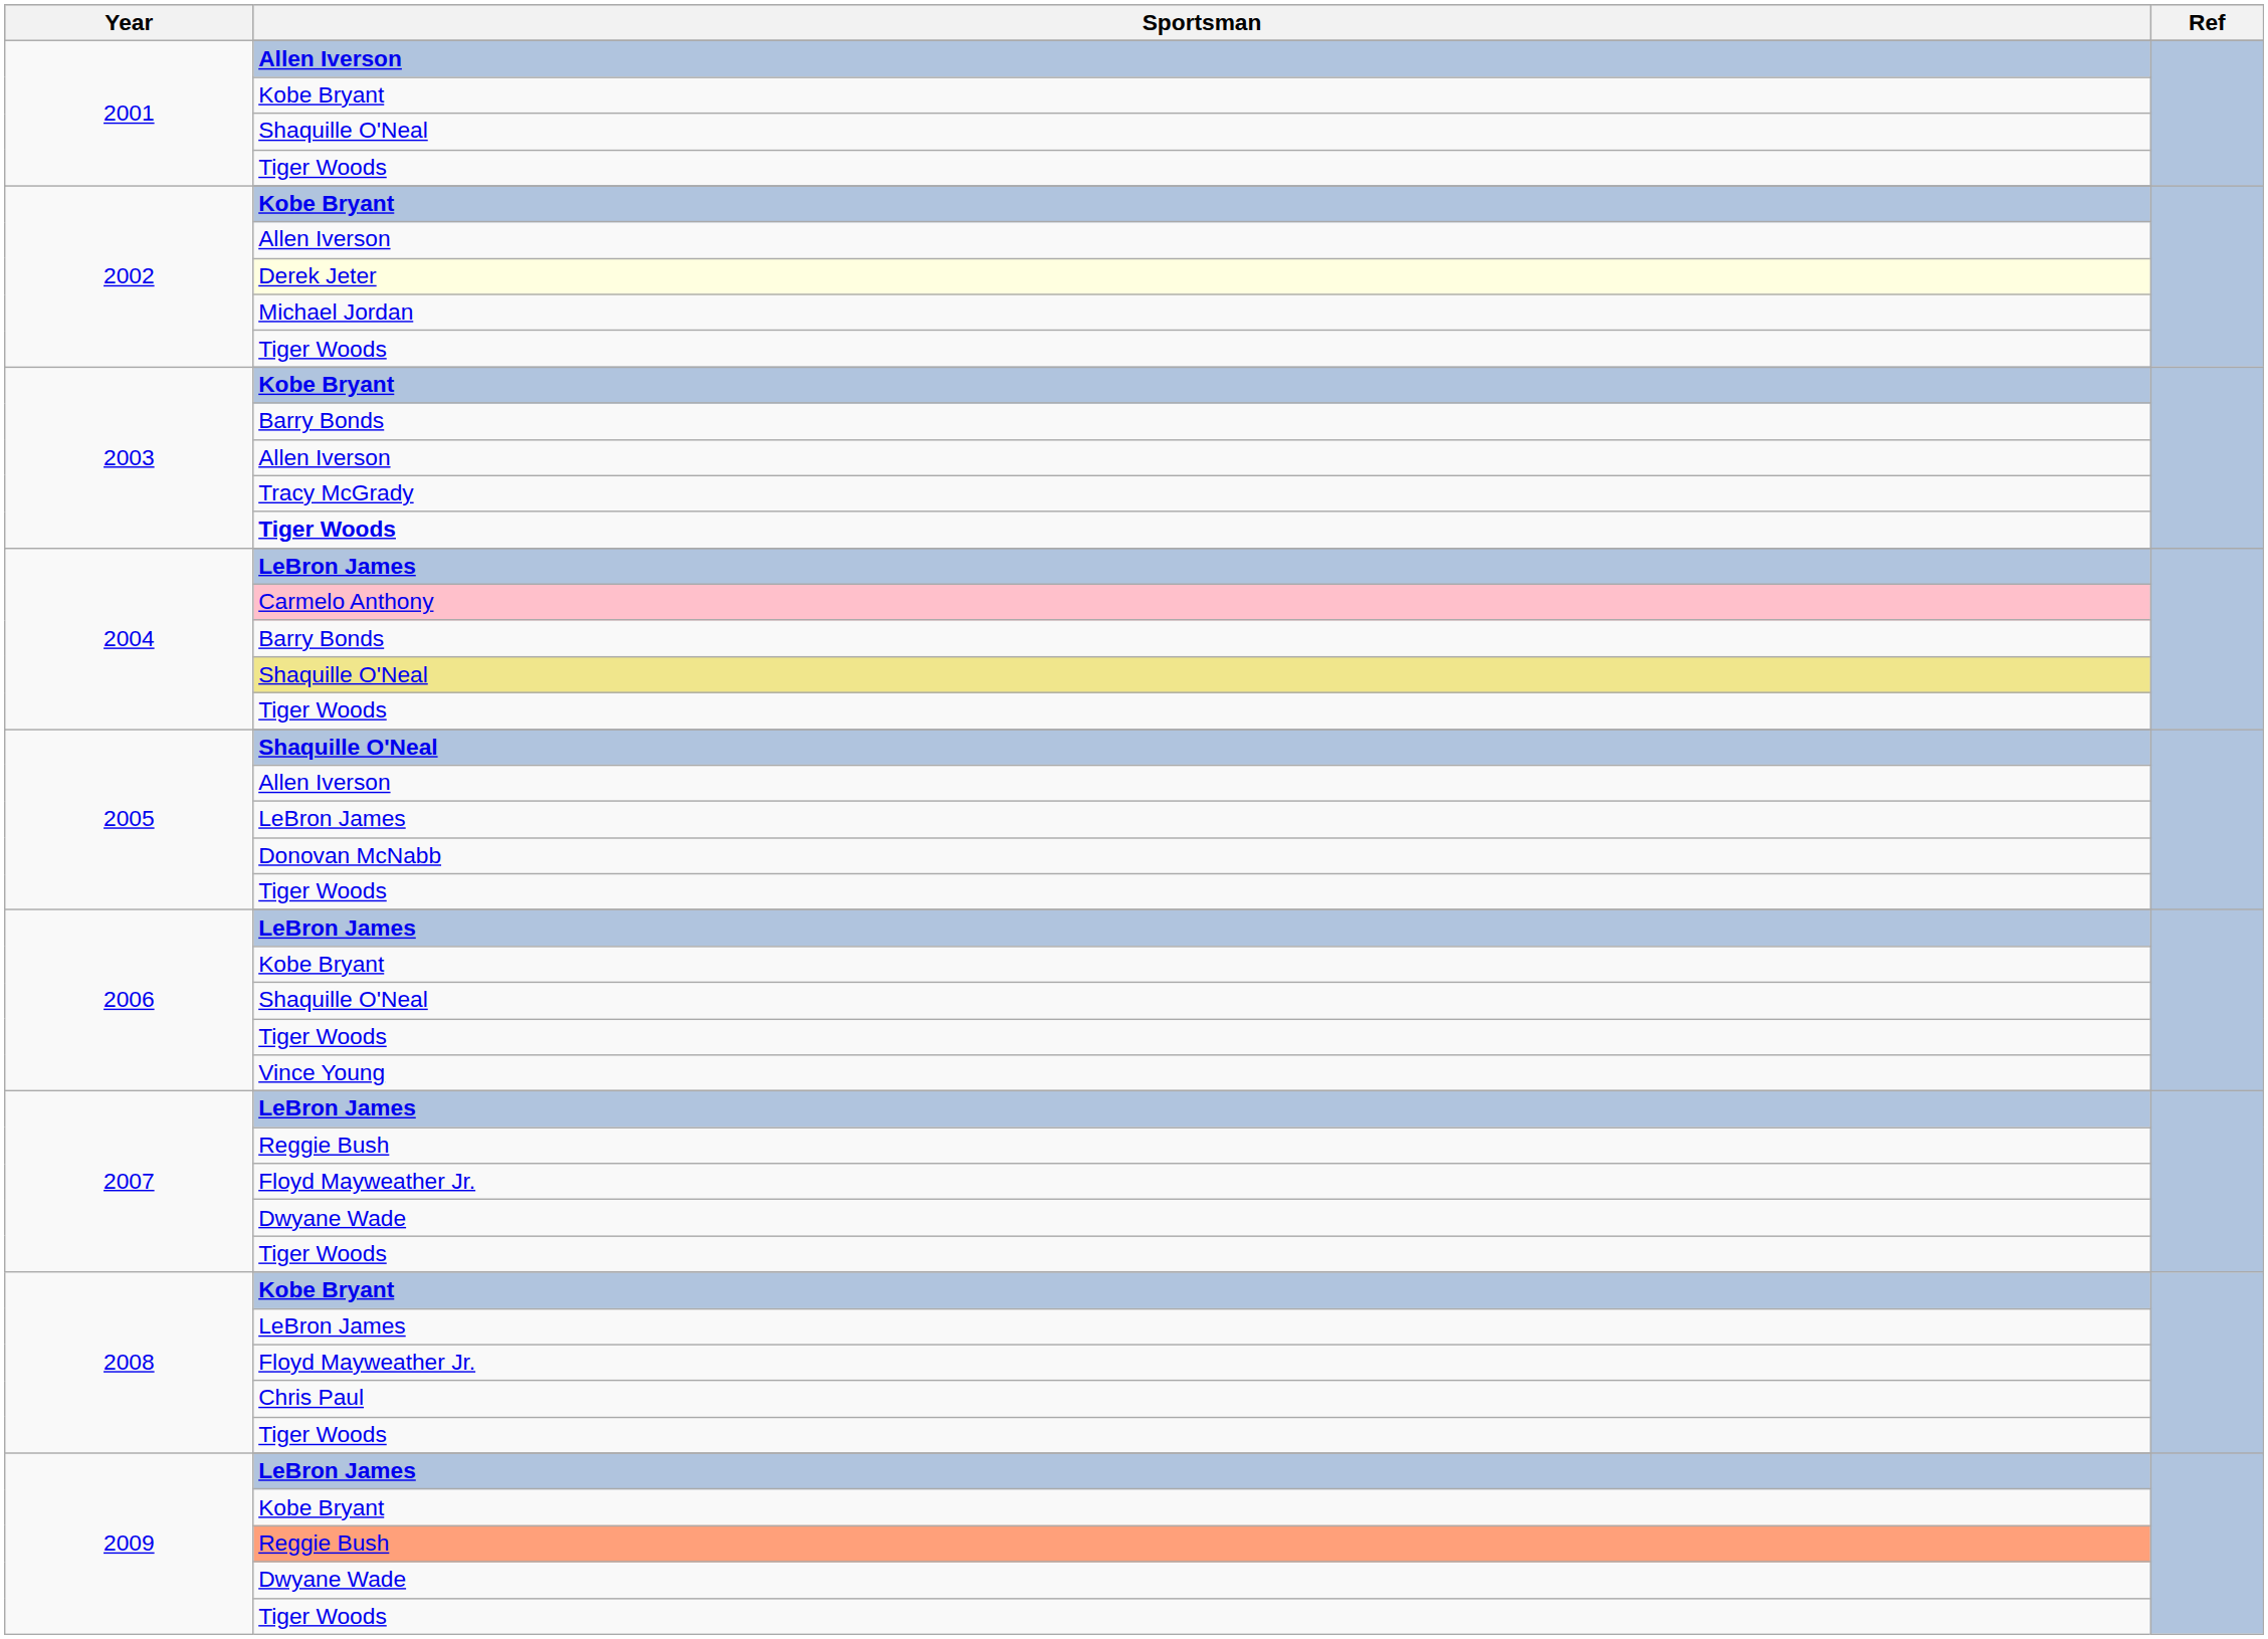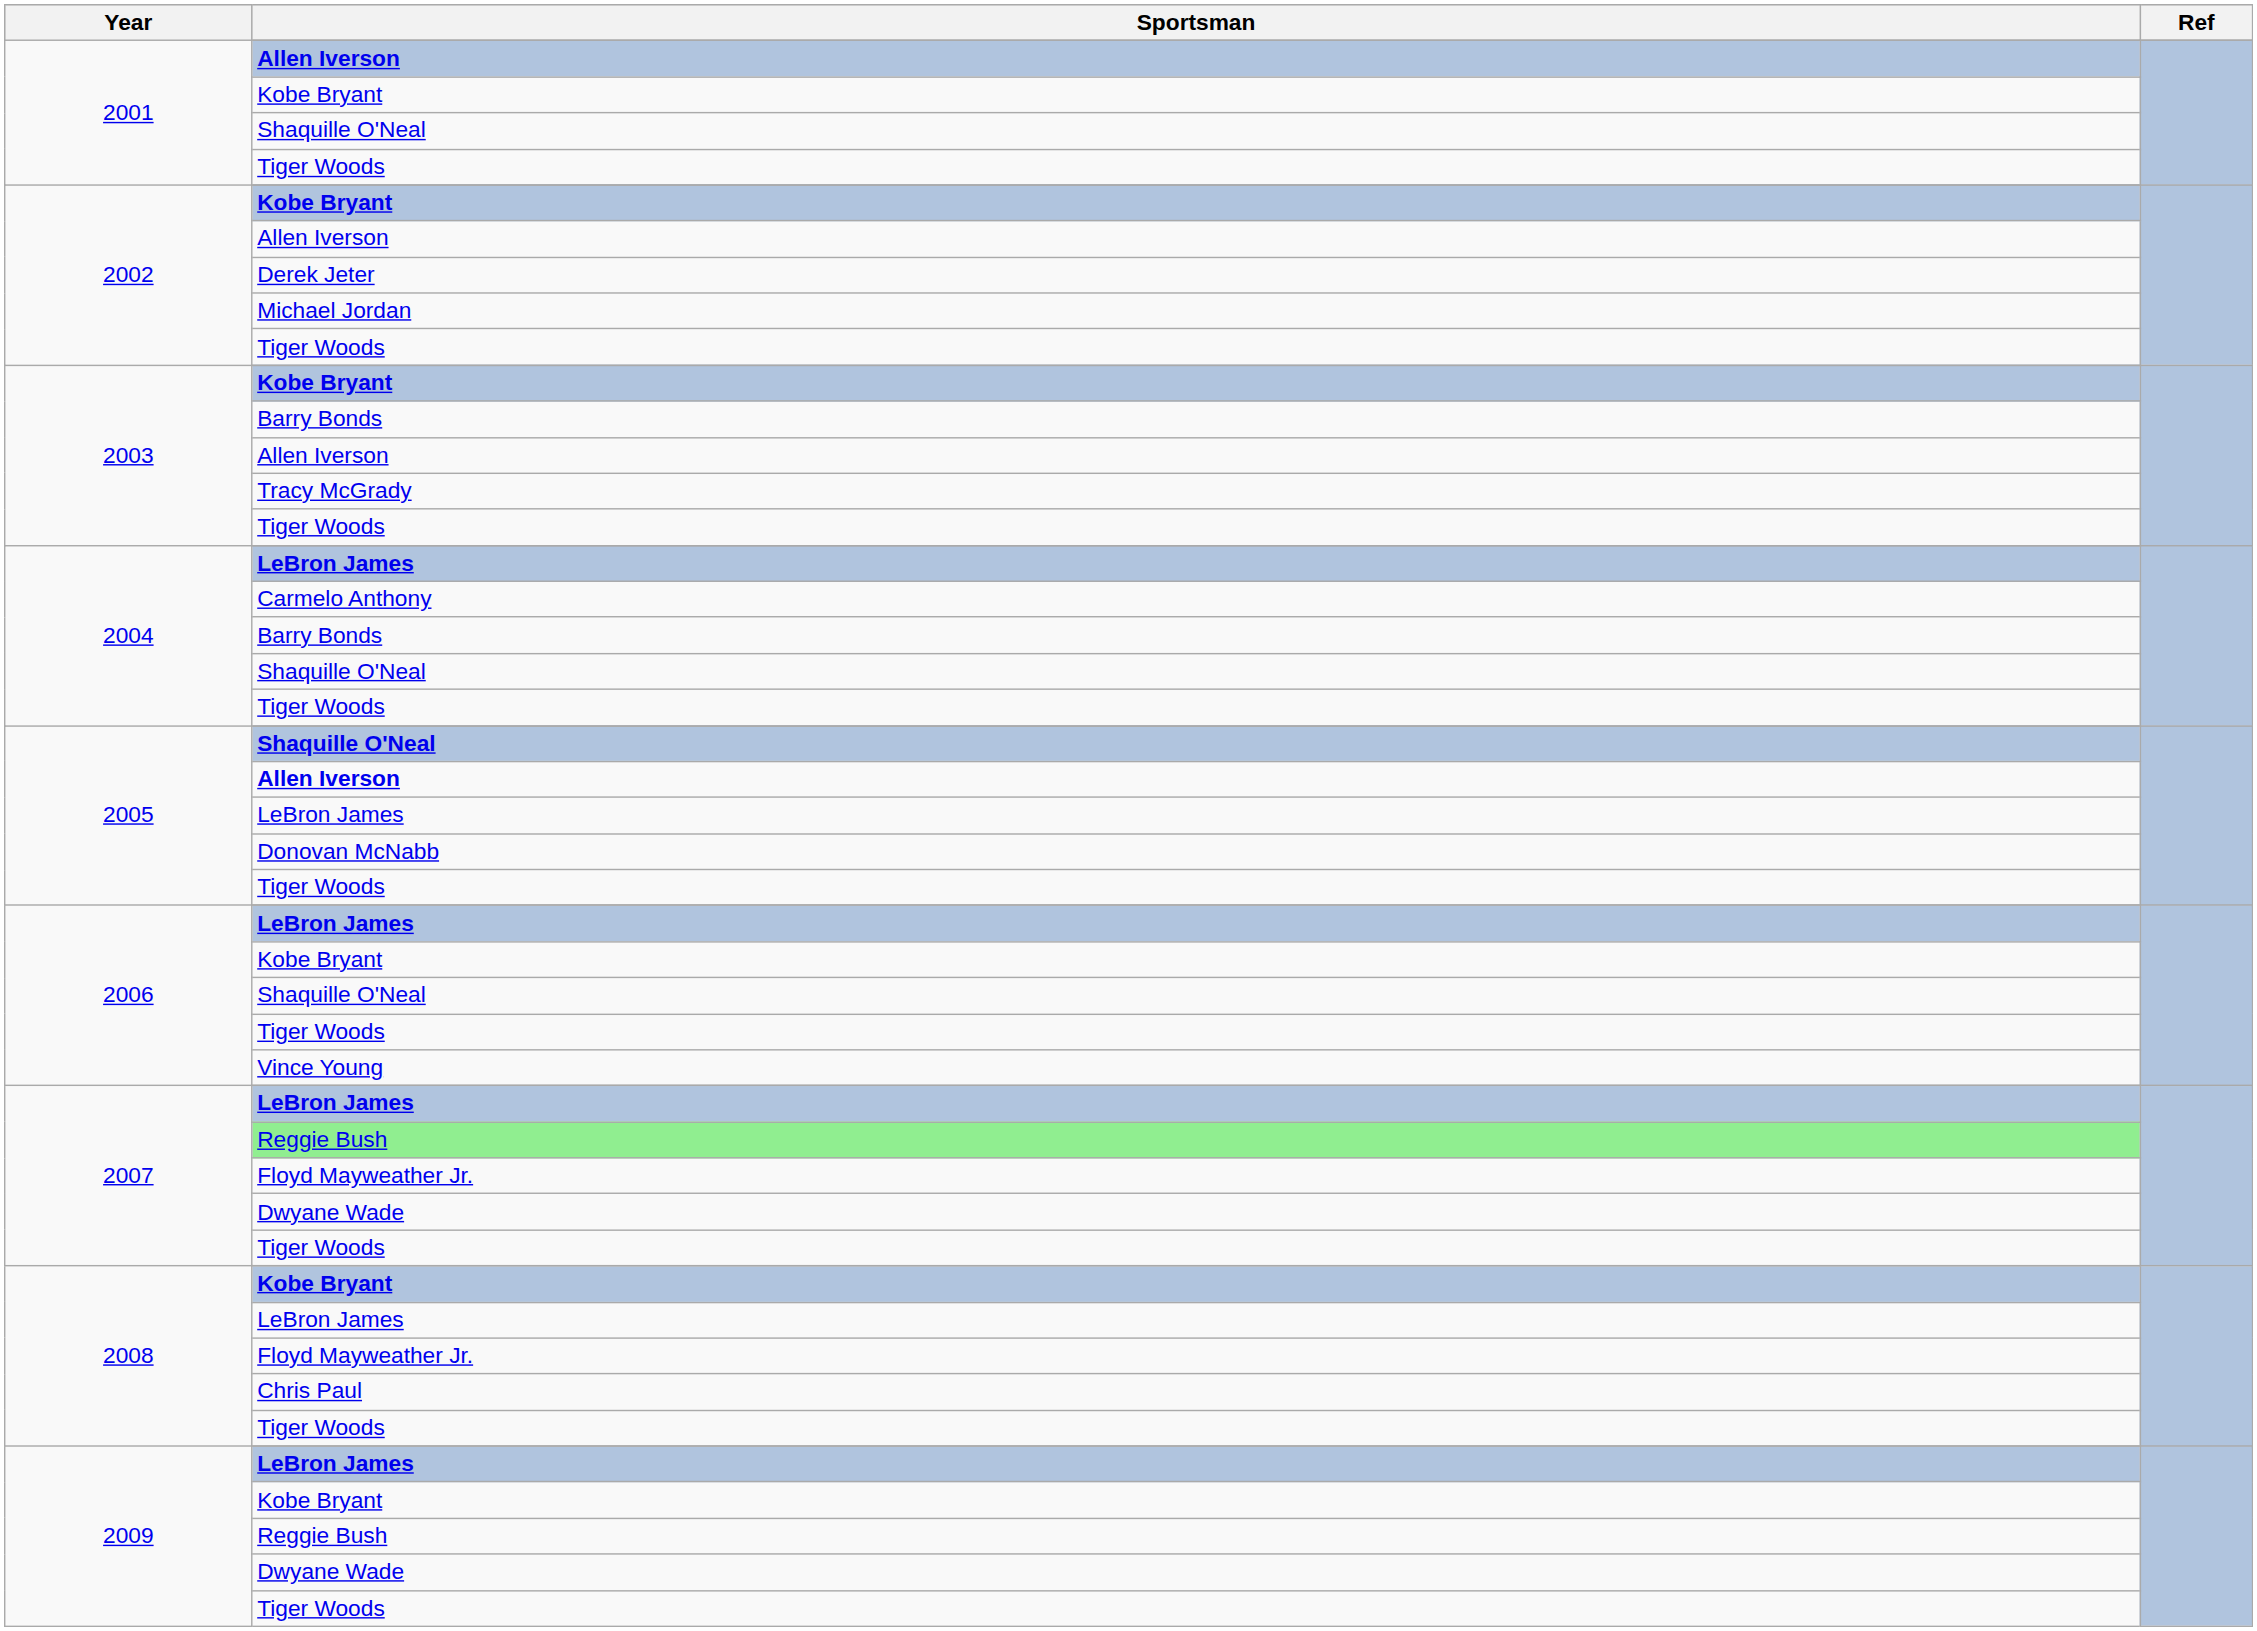 <table class="wikitable" style="width:100%;">
 <tr style="background:#bebebe;">
 <th style="width:11%;">Year</th>
 <th style="width:84%;">Sportsman</th>
 <th style="width:5%;">Ref</th>
 </tr>
 <tr>
 <td rowspan="5" align="center"><a href='#'>2001</a></td>
 </tr>
 <tr style="background:#B0C4DE">
 <td><strong><a href='#'>Allen Iverson</a></strong></td>
 <td rowspan="5" align="center"></td>
 </tr>
 <tr>
 <td><a href='#'>Kobe Bryant</a></td>
 </tr>
 <tr>
 <td><a href='#'>Shaquille O'Neal</a></td>
 </tr>
 <tr>
 <td><a href='#'>Tiger Woods</a></td>
 </tr>
 <tr>
 <td rowspan="6" align="center"><a href='#'>2002</a></td>
 </tr>
 <tr style="background:#B0C4DE">
 <td><strong><a href='#'>Kobe Bryant</a></strong></td>
 <td rowspan="6" align="center"></td>
 </tr>
 <tr>
 <td><a href='#'>Allen Iverson</a></td>
 </tr>
 <tr>
-<td style="background: lightyellow;"><a href='#'>Derek Jeter</a></td>
+<td><a href='#'>Derek Jeter</a></td>
 </tr>
 <tr>
 <td><a href='#'>Michael Jordan</a></td>
 </tr>
 <tr>
 <td><a href='#'>Tiger Woods</a></td>
 </tr>
 <tr>
 <td rowspan="6" align="center"><a href='#'>2003</a></td>
 </tr>
 <tr style="background:#B0C4DE">
 <td><strong><a href='#'>Kobe Bryant</a></strong></td>
 <td rowspan="6" align="center"></td>
 </tr>
 <tr>
 <td><a href='#'>Barry Bonds</a></td>
 </tr>
 <tr>
 <td><a href='#'>Allen Iverson</a></td>
 </tr>
 <tr>
 <td><a href='#'>Tracy McGrady</a></td>
 </tr>
 <tr>
-<td><strong><a href='#'>Tiger Woods</a></strong></td>
+<td><a href='#'>Tiger Woods</a></td>
 </tr>
 <tr>
 <td rowspan="6" align="center"><a href='#'>2004</a></td>
 </tr>
 <tr style="background:#B0C4DE">
 <td><strong><a href='#'>LeBron James</a></strong></td>
 <td rowspan="6" align="center"></td>
 </tr>
 <tr>
-<td style="background: pink;"><a href='#'>Carmelo Anthony</a></td>
+<td><a href='#'>Carmelo Anthony</a></td>
 </tr>
 <tr>
 <td><a href='#'>Barry Bonds</a></td>
 </tr>
 <tr>
-<td style="background: khaki;"><a href='#'>Shaquille O'Neal</a></td>
+<td><a href='#'>Shaquille O'Neal</a></td>
 </tr>
 <tr>
 <td><a href='#'>Tiger Woods</a></td>
 </tr>
 <tr>
 <td rowspan="6" align="center"><a href='#'>2005</a></td>
 </tr>
 <tr style="background:#B0C4DE">
 <td><strong><a href='#'>Shaquille O'Neal</a></strong></td>
 <td rowspan="6" align="center"></td>
 </tr>
 <tr>
-<td><a href='#'>Allen Iverson</a></td>
+<td><strong><a href='#'>Allen Iverson</a></strong></td>
 </tr>
 <tr>
 <td><a href='#'>LeBron James</a></td>
 </tr>
 <tr>
 <td><a href='#'>Donovan McNabb</a></td>
 </tr>
 <tr>
 <td><a href='#'>Tiger Woods</a></td>
 </tr>
 <tr>
 <td rowspan="6" align="center"><a href='#'>2006</a></td>
 </tr>
 <tr style="background:#B0C4DE">
 <td><strong><a href='#'>LeBron James</a></strong></td>
 <td rowspan="6" align="center"></td>
 </tr>
 <tr>
 <td><a href='#'>Kobe Bryant</a></td>
 </tr>
 <tr>
 <td><a href='#'>Shaquille O'Neal</a></td>
 </tr>
 <tr>
 <td><a href='#'>Tiger Woods</a></td>
 </tr>
 <tr>
 <td><a href='#'>Vince Young</a></td>
 </tr>
 <tr>
 <td rowspan="6" align="center"><a href='#'>2007</a></td>
 </tr>
 <tr style="background:#B0C4DE">
 <td><strong><a href='#'>LeBron James</a></strong></td>
 <td rowspan="6" align="center"></td>
 </tr>
 <tr>
-<td><a href='#'>Reggie Bush</a></td>
+<td style="background: lightgreen;"><a href='#'>Reggie Bush</a></td>
 </tr>
 <tr>
 <td><a href='#'>Floyd Mayweather Jr.</a></td>
 </tr>
 <tr>
 <td><a href='#'>Dwyane Wade</a></td>
 </tr>
 <tr>
 <td><a href='#'>Tiger Woods</a></td>
 </tr>
 <tr>
 <td rowspan="6" align="center"><a href='#'>2008</a></td>
 </tr>
 <tr style="background:#B0C4DE">
 <td><strong><a href='#'>Kobe Bryant</a></strong></td>
 <td rowspan="6" align="center"></td>
 </tr>
 <tr>
 <td><a href='#'>LeBron James</a></td>
 </tr>
 <tr>
 <td><a href='#'>Floyd Mayweather Jr.</a></td>
 </tr>
 <tr>
 <td><a href='#'>Chris Paul</a></td>
 </tr>
 <tr>
 <td><a href='#'>Tiger Woods</a></td>
 </tr>
 <tr>
 <td rowspan="6" align="center"><a href='#'>2009</a></td>
 </tr>
 <tr style="background:#B0C4DE">
 <td><strong><a href='#'>LeBron James</a></strong></td>
 <td rowspan="6" align="center"></td>
 </tr>
 <tr>
 <td><a href='#'>Kobe Bryant</a></td>
 </tr>
 <tr>
-<td style="background: lightsalmon;"><a href='#'>Reggie Bush</a></td>
+<td><a href='#'>Reggie Bush</a></td>
 </tr>
 <tr>
 <td><a href='#'>Dwyane Wade</a></td>
 </tr>
 <tr>
 <td><a href='#'>Tiger Woods</a></td>
 </tr>
 </table>
